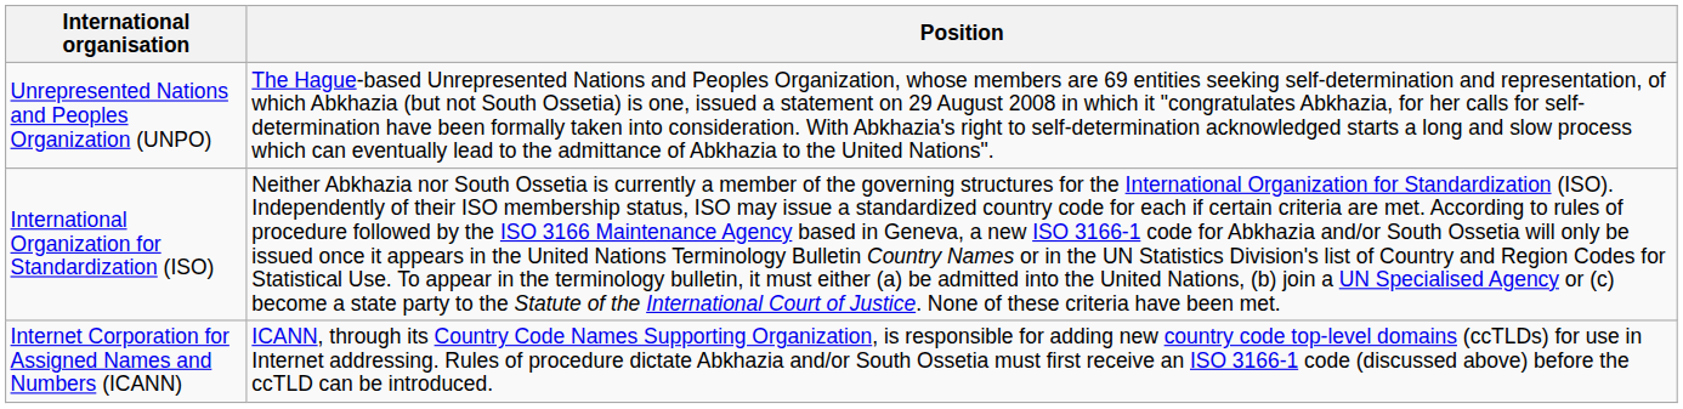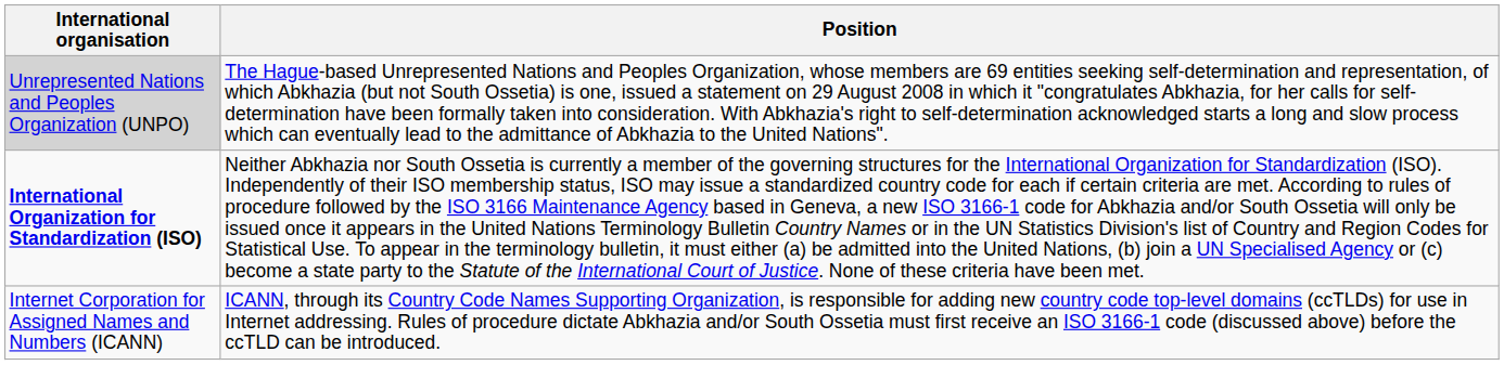 <table class="wikitable" style="margin:auto; width:100%;">
 <tr>
 <th style="width:175px;">International organisation</th>
 <th>Position</th>
 </tr>
 <tr>
-<td><a href='#'>Unrepresented Nations and Peoples Organization</a> (UNPO)</td>
+<td style="background: lightgrey;"><a href='#'>Unrepresented Nations and Peoples Organization</a> (UNPO)</td>
 <td><a href='#'>The Hague</a>-based Unrepresented Nations and Peoples Organization, whose members are 69 entities seeking self-determination and representation, of which Abkhazia (but not South Ossetia) is one, issued a statement on 29 August 2008 in which it "congratulates Abkhazia, for her calls for self-determination have been formally taken into consideration. With Abkhazia's right to self-determination acknowledged starts a long and slow process which can eventually lead to the admittance of Abkhazia to the United Nations".</td>
 </tr>
 <tr>
-<td><a href='#'>International Organization for Standardization</a> (ISO)</td>
+<td><strong><a href='#'>International Organization for Standardization</a> (ISO)</strong></td>
 <td>Neither Abkhazia nor South Ossetia is currently a member of the governing structures for the <a href='#'>International Organization for Standardization</a> (ISO).<br>Independently of their ISO membership status, ISO may issue a standardized country code for each if certain criteria are met. According to rules of procedure followed by the <a href='#'>ISO 3166 Maintenance Agency</a> based in Geneva, a new <a href='#'>ISO 3166-1</a> code for Abkhazia and/or South Ossetia will only be issued once it appears in the United Nations Terminology Bulletin <em>Country Names</em> or in the UN Statistics Division's list of Country and Region Codes for Statistical Use. To appear in the terminology bulletin, it must either (a) be admitted into the United Nations, (b) join a <a href='#'>UN Specialised Agency</a> or (c) become a state party to the <em>Statute of the <a href='#'>International Court of Justice</a></em>. None of these criteria have been met.</td>
 </tr>
 <tr>
 <td><a href='#'>Internet Corporation for Assigned Names and Numbers</a> (ICANN)</td>
 <td><a href='#'>ICANN</a>, through its <a href='#'>Country Code Names Supporting Organization</a>, is responsible for adding new <a href='#'>country code top-level domains</a> (ccTLDs) for use in Internet addressing. Rules of procedure dictate Abkhazia and/or South Ossetia must first receive an <a href='#'>ISO 3166-1</a> code (discussed above) before the ccTLD can be introduced.</td>
 </tr>
 </table>
